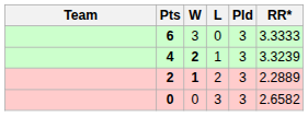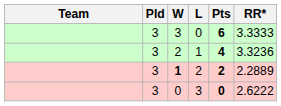 <table class="wikitable" border="1" style="text-align:center;">
 <tr>
 <th width=175>Team</th>
-<th width=20 abbr="Points">Pts</th>
+<th width=20 abbr="Played">Pld</th>
 <th width=20 abbr="Won">W</th>
 <th width=20 abbr="Lost">L</th>
-<th width=20 abbr="Played">Pld</th>
+<th width=20 abbr="Points">Pts</th>
 <th width=20 abbr="Run rate">RR*</th>
 </tr>
 <tr style="background:#cfc;">
 <td style="text-align:left;"></td>
-<td><strong>6</strong></td>
+<td>3</td>
 <td>3</td>
 <td>0</td>
-<td>3</td>
+<td><strong>6</strong></td>
 <td>3.3333</td>
 </tr>
 <tr style="background:#cfc;">
 <td style="text-align:left;"></td>
+<td>3</td>
+<td>2</td>
+<td>1</td>
 <td><strong>4</strong></td>
-<td><strong>2</strong></td>
-<td>1</td>
-<td>3</td>
-<td>3.3239</td>
+<td>3.3236</td>
 </tr>
 <tr style="background:#fcc;">
 <td style="text-align:left;"></td>
-<td><strong>2</strong></td>
+<td>3</td>
 <td><strong>1</strong></td>
 <td>2</td>
-<td>3</td>
+<td><strong>2</strong></td>
 <td>2.2889</td>
 </tr>
 <tr style="background:#fcc;">
 <td style="text-align:left;"></td>
-<td><strong>0</strong></td>
+<td>3</td>
 <td>0</td>
 <td>3</td>
-<td>3</td>
-<td>2.6582</td>
+<td><strong>0</strong></td>
+<td>2.6222</td>
 </tr>
 </table>
